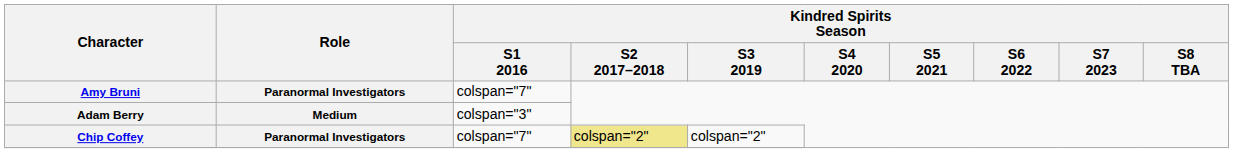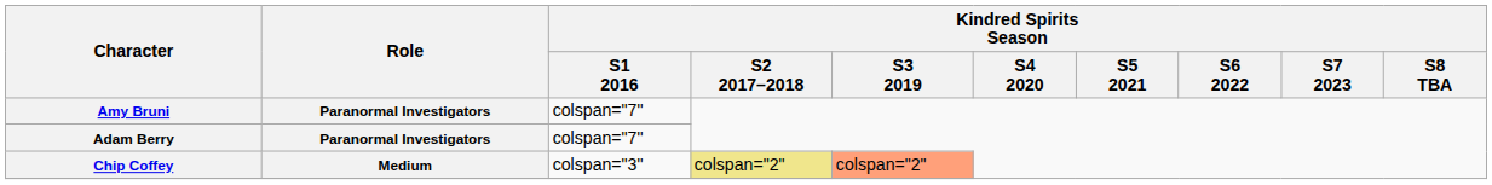 <table class="wikitable" style="font-size: 90%; wisth:100%;">
 <tr>
 <th scope="col" rowspan="2" style="width:10%;">Character</th>
 <th scope="col" rowspan="2" style="width:10%;">Role</th>
 <th scope="col" colspan="9" style="width:10%;">Kindred Spirits <br> Season</th>
 </tr>
 <tr>
 <th scope="col" style="width:4%;">S1 <br> 2016</th>
 <th scope="col" style="width:4%;">S2 <br> 2017–2018</th>
 <th scope="col" style="width:4%;">S3 <br> 2019</th>
 <th scope="col" style="width:4%;">S4 <br> 2020</th>
 <th scope="col" style="width:4%;">S5 <br> 2021</th>
 <th scope="col" style="width:4%;">S6 <br> 2022</th>
 <th scope="col" style="width:4%;">S7 <br> 2023</th>
 <th scope="col" style="width:4%;">S8 <br> TBA</th>
 </tr>
 <tr>
 <th nowrap><small><a href='#'>Amy Bruni</a></small></th>
 <th nowrap><small>Paranormal Investigators</small></th>
 <td>colspan="7"</td>
 </tr>
 <tr>
 <th nowrap><small>Adam Berry</small></th>
-<th nowrap><small>Medium</small></th>
-<td>colspan="3" </td>
+<th nowrap><small>Paranormal Investigators</small></th>
+<td>colspan="7" </td>
 </tr>
 <tr>
 <th nowrap><small><a href='#'>Chip Coffey</a></small></th>
-<th nowrap><small>Paranormal Investigators</small></th>
-<td>colspan="7" </td>
+<th nowrap><small>Medium</small></th>
+<td>colspan="3" </td>
 <td style="background: khaki;">colspan="2" </td>
-<td>colspan="2" </td>
+<td style="background: lightsalmon;">colspan="2" </td>
 </tr>
 <tr>
 </tr>
 </table>
